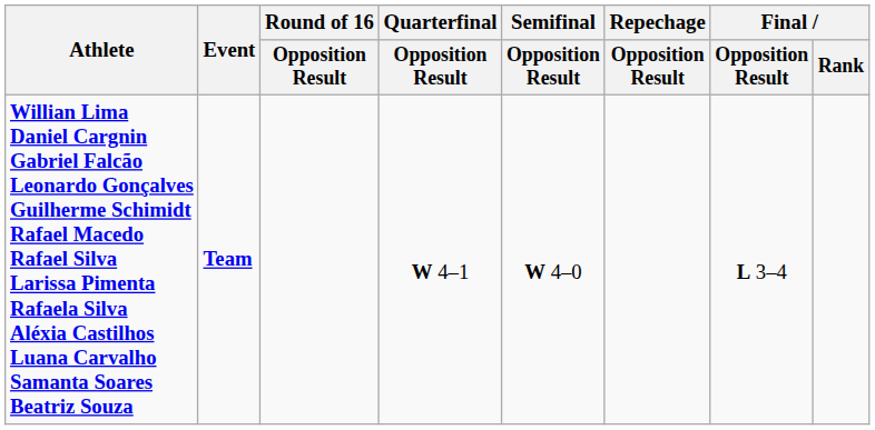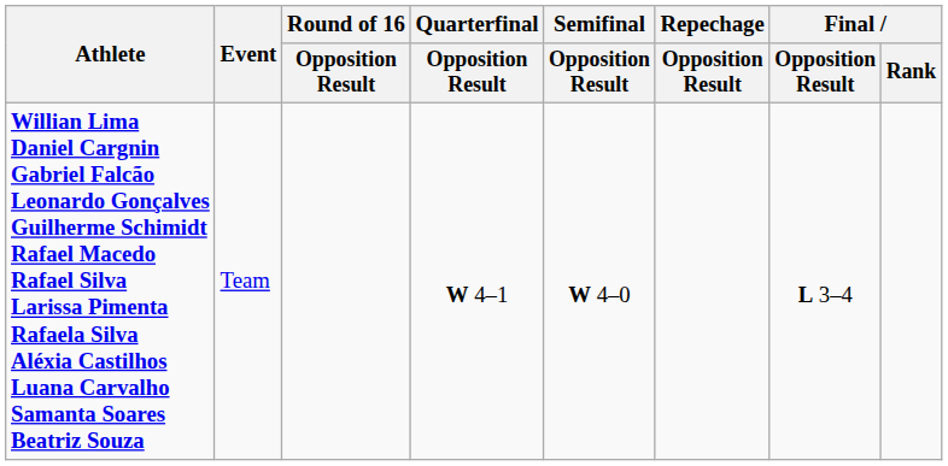 <table class=wikitable style=font-size:90%>
 <tr>
 <th rowspan=2>Athlete</th>
 <th rowspan=2>Event</th>
 <th>Round of 16</th>
 <th>Quarterfinal</th>
 <th>Semifinal</th>
 <th>Repechage</th>
 <th colspan=2>Final / </th>
 </tr>
 <tr style=font-size:95%>
 <th>Opposition<br>Result</th>
 <th>Opposition<br>Result</th>
 <th>Opposition<br>Result</th>
 <th>Opposition<br>Result</th>
 <th>Opposition<br>Result</th>
 <th>Rank</th>
 </tr>
 <tr align=center>
 <td align=left><strong><a href='#'>Willian Lima</a><br><a href='#'>Daniel Cargnin</a><br><a href='#'>Gabriel Falcão</a><br><a href='#'>Leonardo Gonçalves</a><br><a href='#'>Guilherme Schimidt</a><br><a href='#'>Rafael Macedo</a><br><a href='#'>Rafael Silva</a><br><a href='#'>Larissa Pimenta</a><br><a href='#'>Rafaela Silva</a><br><a href='#'>Aléxia Castilhos</a><br><a href='#'>Luana Carvalho</a><br><a href='#'>Samanta Soares</a><br><a href='#'>Beatriz Souza</a></strong></td>
-<td align=left><strong><a href='#'>Team</a></strong></td>
+<td align=left><a href='#'>Team</a></td>
 <td></td>
 <td><br><strong>W</strong> 4–1</td>
 <td><br><strong>W</strong> 4–0</td>
 <td></td>
 <td><br><strong>L</strong> 3–4</td>
 <td></td>
 </tr>
 </table>
